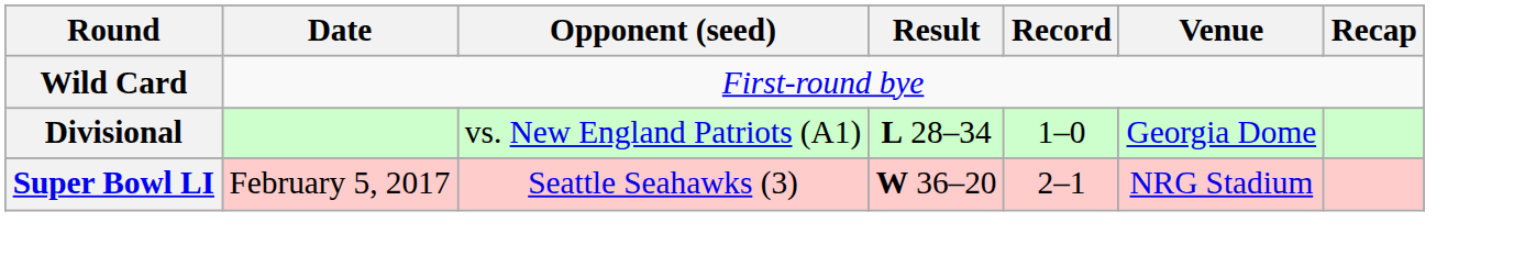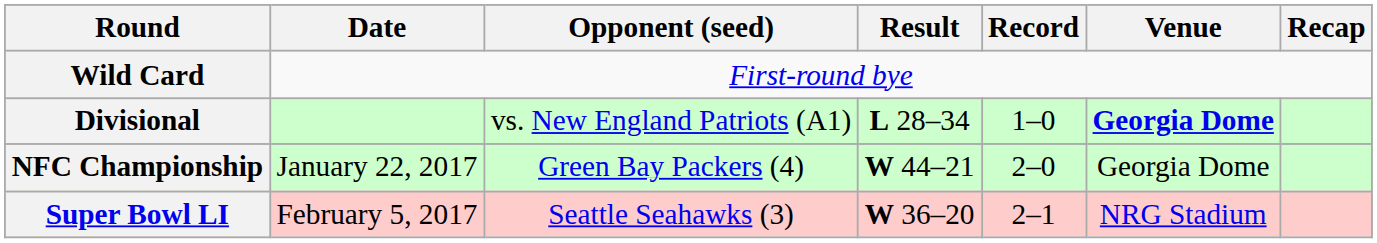 <table class="wikitable" style="text-align:center">
 <tr>
 <th>Round</th>
 <th>Date</th>
 <th>Opponent (seed)</th>
 <th>Result</th>
 <th>Record</th>
 <th>Venue</th>
 <th>Recap</th>
 </tr>
 <tr>
 <th>Wild Card</th>
 <td colspan="6"><em><a href='#'>First-round bye</a></em></td>
 </tr>
 <tr style="background:#cfc">
 <th>Divisional</th>
 <td></td>
 <td>vs. <a href='#'>New England Patriots</a> (A1)</td>
 <td><strong>L</strong> 28–34 </td>
 <td>1–0</td>
-<td><a href='#'>Georgia Dome</a></td>
+<td><strong><a href='#'>Georgia Dome</a></strong></td>
+<td></td>
+</tr>
+<tr style="background:#cfc">
+<th>NFC Championship</th>
+<td>January 22, 2017</td>
+<td><a href='#'>Green Bay Packers</a> (4)</td>
+<td><strong>W</strong> 44–21</td>
+<td>2–0</td>
+<td>Georgia Dome</td>
 <td></td>
 </tr>
 <tr style="background:#fcc">
 <th><a href='#'>Super Bowl LI</a></th>
 <td>February 5, 2017</td>
 <td><a href='#'>Seattle Seahawks</a> (3)</td>
 <td><strong>W</strong> 36–20</td>
 <td>2–1</td>
 <td><a href='#'>NRG Stadium</a></td>
 <td></td>
 </tr>
 </table>
